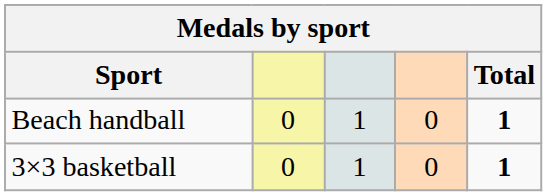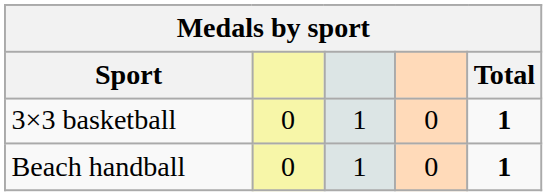 <table class="wikitable" style="font-size:90%; text-align:center;">
 <tr>
 <th colspan="5">Medals by sport</th>
 </tr>
 <tr>
 <th width="120">Sport</th>
 <th scope="col" width="30" style="background:#F7F6A8;"></th>
 <th scope="col" width="30" style="background:#DCE5E5;"></th>
 <th scope="col" width="30" style="background:#FFDAB9;"></th>
 <th width="30">Total</th>
 </tr>
 <tr>
+<td align="left">3×3 basketball</td>
+<td style="background:#F7F6A8;">0</td>
+<td style="background:#DCE5E5;">1</td>
+<td style="background:#FFDAB9;">0</td>
+<td><strong>1</strong></td>
+</tr>
+<tr>
 <td align="left">Beach handball</td>
 <td style="background:#F7F6A8;">0</td>
 <td style="background:#DCE5E5;">1</td>
 <td style="background:#FFDAB9;">0</td>
 <td><strong>1</strong></td>
 </tr>
-<tr>
-<td align="left">3×3 basketball</td>
-<td style="background:#F7F6A8;">0</td>
-<td style="background:#DCE5E5;">1</td>
-<td style="background:#FFDAB9;">0</td>
-<td><strong>1</strong></td>
-</tr>
 </table>
